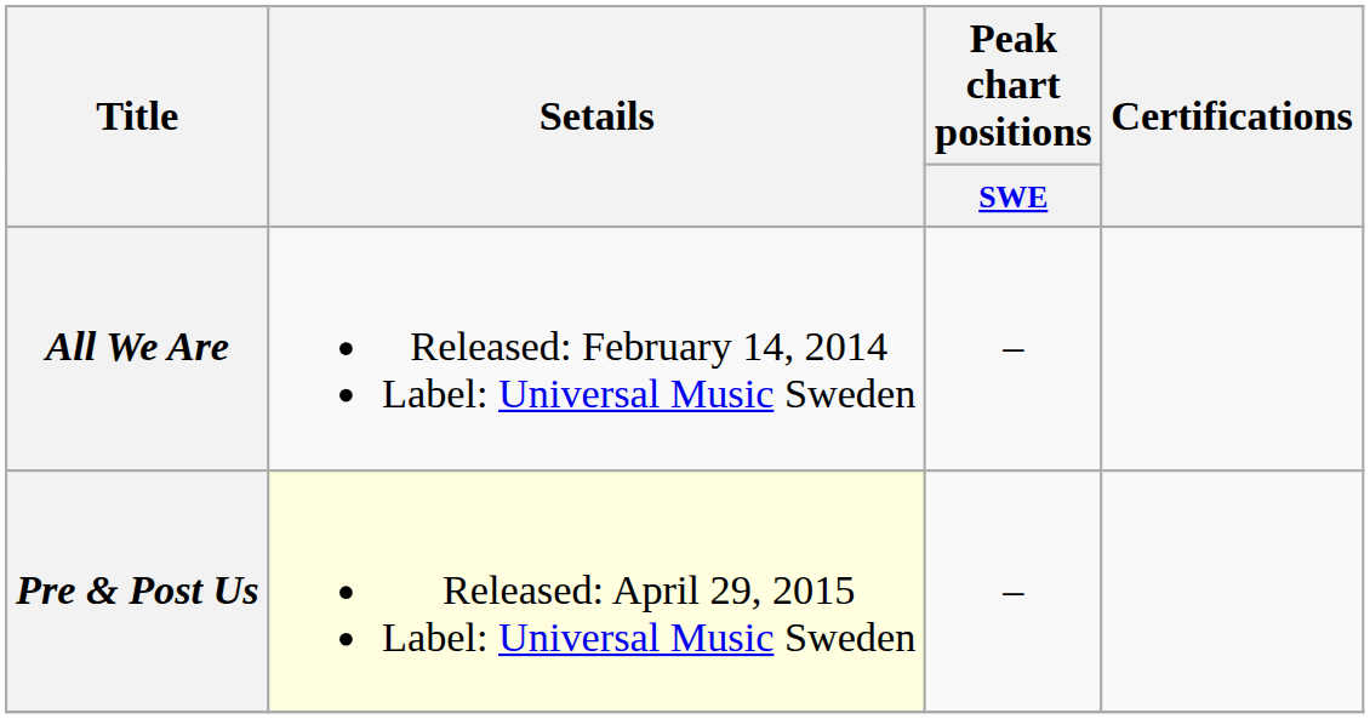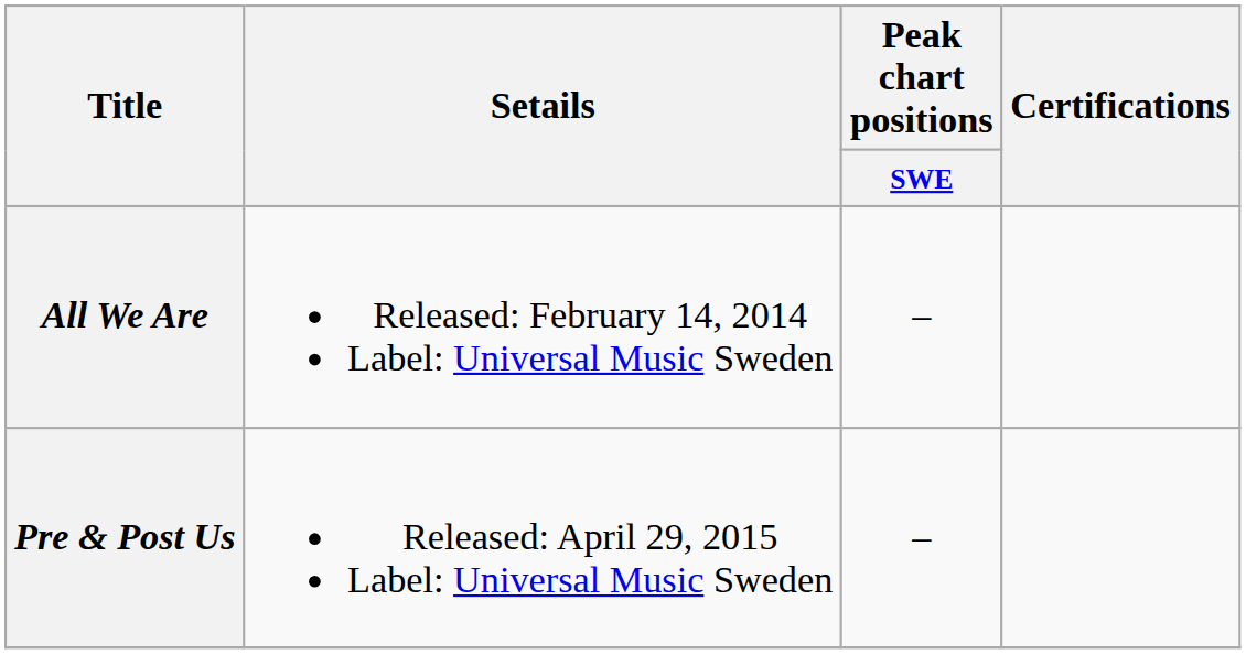 <table class="wikitable plainrowheaders" style="text-align:center;">
 <tr>
 <th scope="col" rowspan="2">Title</th>
 <th scope="col" rowspan="2">Setails</th>
 <th scope="col" colspan="1">Peak chart positions</th>
 <th scope="col" rowspan="2">Certifications</th>
 </tr>
 <tr>
 <th scope="col" style="width:3em;font-size:90%;"><small><a href='#'>SWE</a></small><br></th>
 </tr>
 <tr>
 <th scope="row"><em>All We Are</em></th>
 <td><br><ul><li>Released: February 14, 2014</li><li>Label: <a href='#'>Universal Music</a> Sweden</li></ul></td>
 <td style="text-align:center;">–</td>
 <td align="left"></td>
 </tr>
 <tr>
 <th scope="row"><em>Pre & Post Us</em></th>
-<td style="background: lightyellow;"><br><ul><li>Released: April 29, 2015</li><li>Label: <a href='#'>Universal Music</a> Sweden</li></ul></td>
+<td><br><ul><li>Released: April 29, 2015</li><li>Label: <a href='#'>Universal Music</a> Sweden</li></ul></td>
 <td style="text-align:center;">–</td>
 <td align="left"></td>
 </tr>
 <tr>
 </tr>
 </table>
